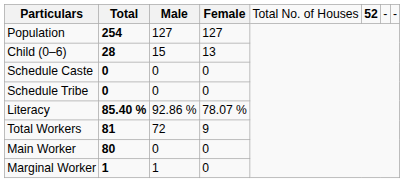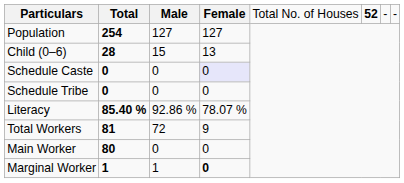 <table class="wikitable">
 <tr>
 <th>Particulars</th>
 <th>Total</th>
 <th>Male</th>
 <th>Female</th>
 <td>Total No. of Houses</td>
 <td><strong>52</strong></td>
 <td>-</td>
 <td>-</td>
 </tr>
 <tr>
 <td>Population</td>
 <td><strong>254</strong></td>
 <td>127</td>
 <td>127</td>
 </tr>
 <tr>
 <td>Child (0–6)</td>
 <td><strong>28</strong></td>
 <td>15</td>
 <td>13</td>
 </tr>
 <tr>
 <td>Schedule Caste</td>
 <td><strong>0</strong></td>
 <td>0</td>
-<td>0</td>
+<td style="background: lavender;">0</td>
 </tr>
 <tr>
 <td>Schedule Tribe</td>
 <td><strong>0</strong></td>
 <td>0</td>
 <td>0</td>
 </tr>
 <tr>
 <td>Literacy</td>
 <td><strong>85.40 %</strong></td>
 <td>92.86 %</td>
 <td>78.07 %</td>
 </tr>
 <tr>
 <td>Total Workers</td>
 <td><strong>81</strong></td>
 <td>72</td>
 <td>9</td>
 </tr>
 <tr>
 <td>Main Worker</td>
 <td><strong>80</strong></td>
 <td>0</td>
 <td>0</td>
 </tr>
 <tr>
 <td>Marginal Worker</td>
 <td><strong>1</strong></td>
 <td>1</td>
-<td>0</td>
+<td><strong>0</strong></td>
 </tr>
 </table>
